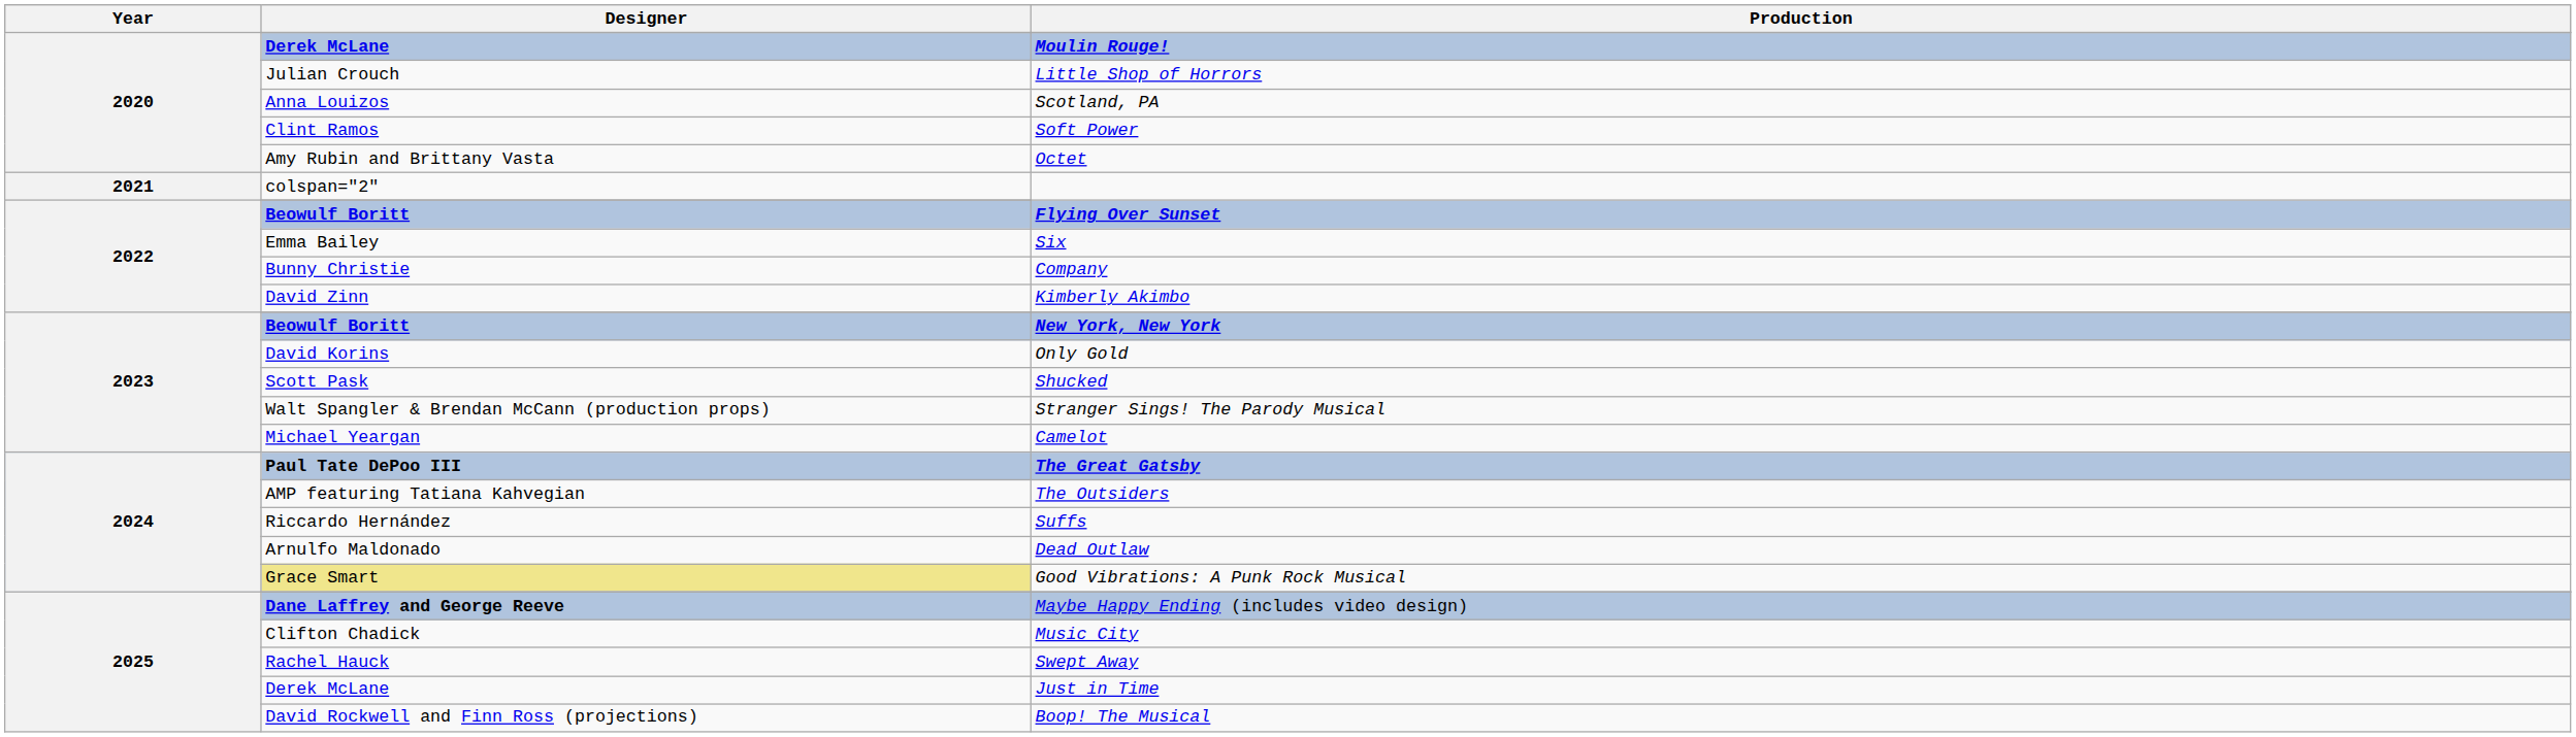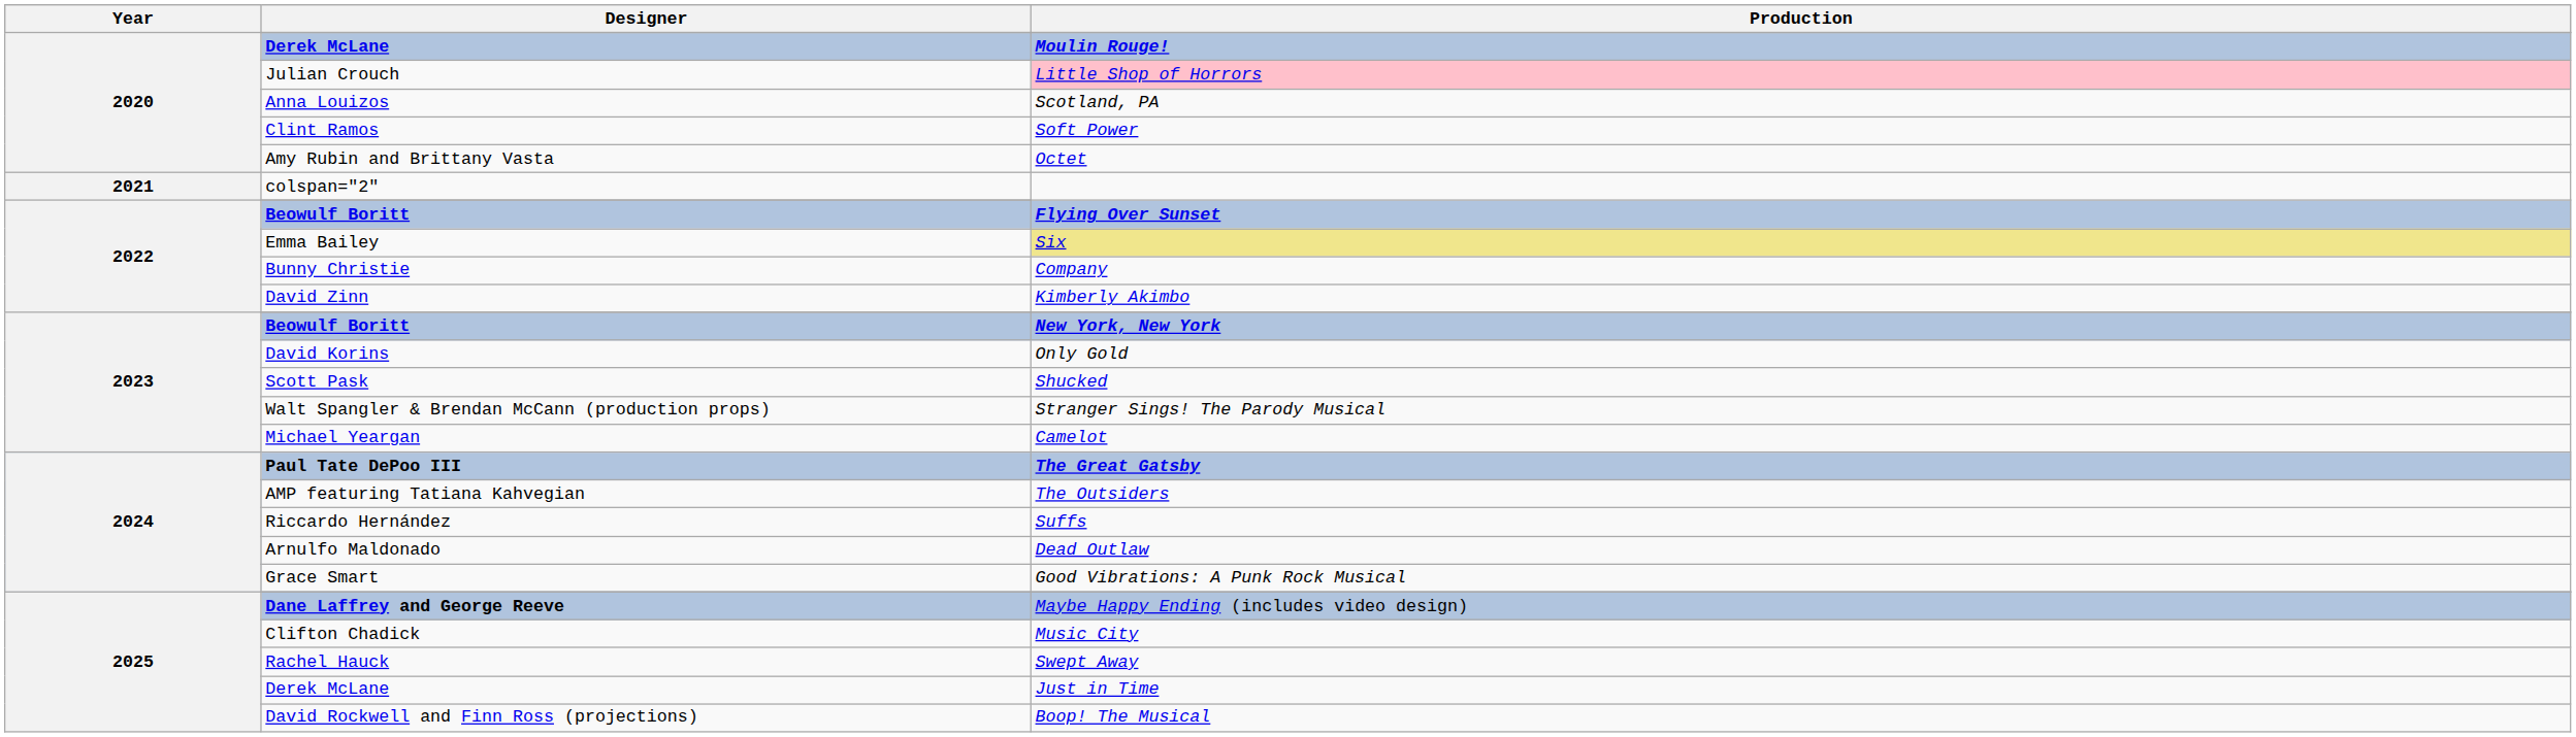 <table class="wikitable" style="width:98%;">
 <tr style="background:#bebebe;">
 <th style="width:10%;">Year</th>
 <th style="width:30%;">Designer</th>
 <th style="width:60%;">Production</th>
 </tr>
 <tr>
 <th rowspan="6">2020</th>
 </tr>
 <tr style="background:#B0C4DE">
 <td><strong><a href='#'>Derek McLane</a></strong></td>
 <td><strong><em><a href='#'>Moulin Rouge!</a></em></strong></td>
 </tr>
 <tr>
 <td>Julian Crouch</td>
-<td><em><a href='#'>Little Shop of Horrors</a></em></td>
+<td style="background: pink;"><em><a href='#'>Little Shop of Horrors</a></em></td>
 </tr>
 <tr>
 <td><a href='#'>Anna Louizos</a></td>
 <td><em>Scotland, PA</em></td>
 </tr>
 <tr>
 <td><a href='#'>Clint Ramos</a></td>
 <td><em><a href='#'>Soft Power</a></em></td>
 </tr>
 <tr>
 <td>Amy Rubin and Brittany Vasta</td>
 <td><em><a href='#'>Octet</a></em></td>
 </tr>
 <tr>
 <th>2021</th>
 <td>colspan="2" </td>
 </tr>
 <tr>
 <th rowspan="5">2022</th>
 </tr>
 <tr style="background:#B0C4DE">
 <td><strong><a href='#'>Beowulf Boritt</a></strong></td>
 <td><strong><em><a href='#'>Flying Over Sunset</a></em></strong></td>
 </tr>
 <tr>
 <td>Emma Bailey</td>
-<td><em><a href='#'>Six</a></em></td>
+<td style="background: khaki;"><em><a href='#'>Six</a></em></td>
 </tr>
 <tr>
 <td><a href='#'>Bunny Christie</a></td>
 <td><em><a href='#'>Company</a></em></td>
 </tr>
 <tr>
 <td><a href='#'>David Zinn</a></td>
 <td><em><a href='#'>Kimberly Akimbo</a></em></td>
 </tr>
 <tr>
 <th rowspan="6">2023</th>
 </tr>
 <tr style="background:#B0C4DE">
 <td><strong><a href='#'>Beowulf Boritt</a></strong></td>
 <td><strong><em><a href='#'>New York, New York</a></em></strong></td>
 </tr>
 <tr>
 <td><a href='#'>David Korins</a></td>
 <td><em>Only Gold</em></td>
 </tr>
 <tr>
 <td><a href='#'>Scott Pask</a></td>
 <td><em><a href='#'>Shucked</a></em></td>
 </tr>
 <tr>
 <td>Walt Spangler & Brendan McCann (production props)</td>
 <td><em>Stranger Sings! The Parody Musical</em></td>
 </tr>
 <tr>
 <td><a href='#'>Michael Yeargan</a></td>
 <td><em><a href='#'>Camelot</a></em></td>
 </tr>
 <tr style="background:#B0C4DE">
 <th rowspan="5">2024</th>
 <td><strong>Paul Tate DePoo III</strong></td>
 <td><strong><em><a href='#'>The Great Gatsby</a></em></strong></td>
 </tr>
 <tr>
 <td>AMP featuring Tatiana Kahvegian</td>
 <td><em><a href='#'>The Outsiders</a></em></td>
 </tr>
 <tr>
 <td>Riccardo Hernández</td>
 <td><em><a href='#'>Suffs</a></em></td>
 </tr>
 <tr>
 <td>Arnulfo Maldonado</td>
 <td><em><a href='#'>Dead Outlaw</a></em></td>
 </tr>
 <tr>
-<td style="background: khaki;">Grace Smart</td>
+<td>Grace Smart</td>
 <td><em>Good Vibrations: A Punk Rock Musical</em></td>
 </tr>
 <tr>
 <th rowspan=6>2025</th>
 </tr>
 <tr style="background:#B0C4DE">
 <td><strong><a href='#'>Dane Laffrey</a> and George Reeve</strong></td>
 <td><em><a href='#'>Maybe Happy Ending</a></em> (includes video design)</td>
 </tr>
 <tr>
 <td>Clifton Chadick</td>
 <td><em><a href='#'>Music City</a></em></td>
 </tr>
 <tr>
 <td><a href='#'>Rachel Hauck</a></td>
 <td><em><a href='#'>Swept Away</a></em></td>
 </tr>
 <tr>
 <td><a href='#'>Derek McLane</a></td>
 <td><em><a href='#'>Just in Time</a></em></td>
 </tr>
 <tr>
 <td><a href='#'>David Rockwell</a> and <a href='#'>Finn Ross</a> (projections)</td>
 <td><em><a href='#'>Boop! The Musical</a></em></td>
 </tr>
 </table>
